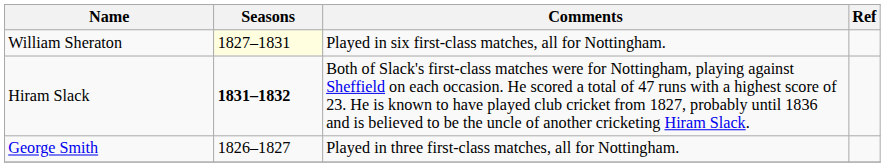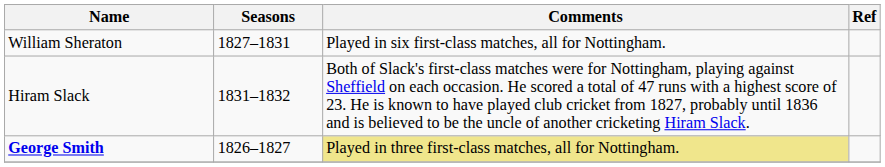 <table class="wikitable">
 <tr>
 <th style="width:200px">Name</th>
 <th style="width: 100px">Seasons</th>
 <th>Comments</th>
 <th>Ref</th>
 </tr>
 <tr>
 <td>William Sheraton</td>
-<td style="background: lightyellow;">1827–1831</td>
+<td>1827–1831</td>
 <td>Played in six first-class matches, all for Nottingham.</td>
 <td></td>
 </tr>
 <tr>
 <td>Hiram Slack</td>
-<td><strong>1831–1832</strong></td>
+<td>1831–1832</td>
 <td>Both of Slack's first-class matches were for Nottingham, playing against <a href='#'>Sheffield</a> on each occasion. He scored a total of 47 runs with a highest score of 23. He is known to have played club cricket from 1827, probably until 1836 and is believed to be the uncle of another cricketing <a href='#'>Hiram Slack</a>.</td>
 <td></td>
 </tr>
 <tr>
-<td><a href='#'>George Smith</a></td>
+<td><strong><a href='#'>George Smith</a></strong></td>
 <td>1826–1827</td>
-<td>Played in three first-class matches, all for Nottingham.</td>
+<td style="background: khaki;">Played in three first-class matches, all for Nottingham.</td>
 <td></td>
 </tr>
 <tr>
 </tr>
 </table>
